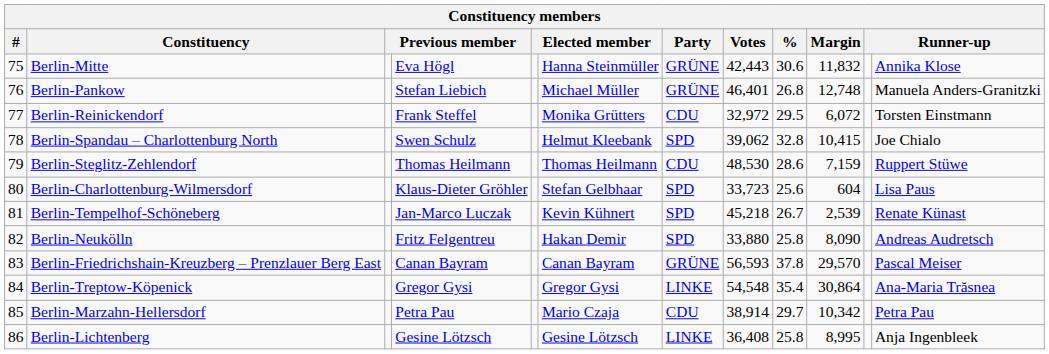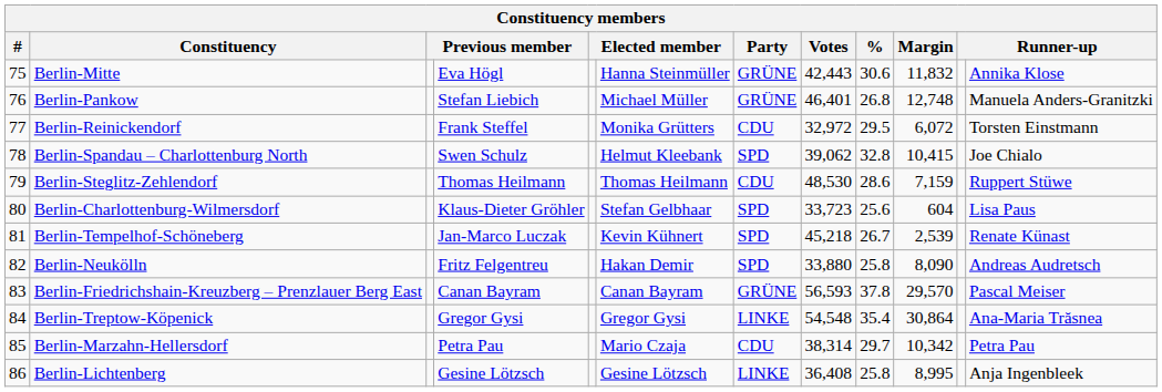 <table class="wikitable sortable" style="text-align:right">
 <tr>
 <th colspan="12">Constituency members</th>
 </tr>
 <tr>
 <th>#</th>
 <th>Constituency</th>
 <th colspan="2">Previous member</th>
 <th colspan="2">Elected member</th>
 <th>Party</th>
 <th>Votes</th>
 <th>%</th>
 <th>Margin</th>
 <th colspan="2">Runner-up</th>
 </tr>
 <tr>
 <td>75</td>
 <td align="left"><a href='#'>Berlin-Mitte</a></td>
 <td></td>
 <td align="left"><a href='#'>Eva Högl</a></td>
 <td></td>
 <td align="left"><a href='#'>Hanna Steinmüller</a></td>
 <td align="left"><a href='#'>GRÜNE</a></td>
 <td>42,443</td>
 <td>30.6</td>
 <td>11,832</td>
 <td></td>
 <td align="left"><a href='#'>Annika Klose</a></td>
 </tr>
 <tr>
 <td>76</td>
 <td align="left"><a href='#'>Berlin-Pankow</a></td>
 <td></td>
 <td align="left"><a href='#'>Stefan Liebich</a></td>
 <td></td>
 <td align="left"><a href='#'>Michael Müller</a></td>
 <td align="left"><a href='#'>GRÜNE</a></td>
 <td>46,401</td>
 <td>26.8</td>
 <td>12,748</td>
 <td></td>
 <td align="left">Manuela Anders-Granitzki</td>
 </tr>
 <tr>
 <td>77</td>
 <td align="left"><a href='#'>Berlin-Reinickendorf</a></td>
 <td></td>
 <td align="left"><a href='#'>Frank Steffel</a></td>
 <td></td>
 <td align="left"><a href='#'>Monika Grütters</a></td>
 <td align="left"><a href='#'>CDU</a></td>
 <td>32,972</td>
 <td>29.5</td>
 <td>6,072</td>
 <td></td>
 <td align="left">Torsten Einstmann</td>
 </tr>
 <tr>
 <td>78</td>
 <td align="left"><a href='#'>Berlin-Spandau – Charlottenburg North</a></td>
 <td></td>
 <td align="left"><a href='#'>Swen Schulz</a></td>
 <td></td>
 <td align="left"><a href='#'>Helmut Kleebank</a></td>
 <td align="left"><a href='#'>SPD</a></td>
 <td>39,062</td>
 <td>32.8</td>
 <td>10,415</td>
 <td></td>
 <td align="left">Joe Chialo</td>
 </tr>
 <tr>
 <td>79</td>
 <td align="left"><a href='#'>Berlin-Steglitz-Zehlendorf</a></td>
 <td></td>
 <td align="left"><a href='#'>Thomas Heilmann</a></td>
 <td></td>
 <td align="left"><a href='#'>Thomas Heilmann</a></td>
 <td align="left"><a href='#'>CDU</a></td>
 <td>48,530</td>
 <td>28.6</td>
 <td>7,159</td>
 <td></td>
 <td align="left"><a href='#'>Ruppert Stüwe</a></td>
 </tr>
 <tr>
 <td>80</td>
 <td align="left"><a href='#'>Berlin-Charlottenburg-Wilmersdorf</a></td>
 <td></td>
 <td align="left"><a href='#'>Klaus-Dieter Gröhler</a></td>
 <td></td>
 <td align="left"><a href='#'>Stefan Gelbhaar</a></td>
 <td align="left"><a href='#'>SPD</a></td>
 <td>33,723</td>
 <td>25.6</td>
 <td>604</td>
 <td></td>
 <td align="left"><a href='#'>Lisa Paus</a></td>
 </tr>
 <tr>
 <td>81</td>
 <td align="left"><a href='#'>Berlin-Tempelhof-Schöneberg</a></td>
 <td></td>
 <td align="left"><a href='#'>Jan-Marco Luczak</a></td>
 <td></td>
 <td align="left"><a href='#'>Kevin Kühnert</a></td>
 <td align="left"><a href='#'>SPD</a></td>
 <td>45,218</td>
 <td>26.7</td>
 <td>2,539</td>
 <td></td>
 <td align="left"><a href='#'>Renate Künast</a></td>
 </tr>
 <tr>
 <td>82</td>
 <td align="left"><a href='#'>Berlin-Neukölln</a></td>
 <td></td>
 <td align="left"><a href='#'>Fritz Felgentreu</a></td>
 <td></td>
 <td align="left"><a href='#'>Hakan Demir</a></td>
 <td align="left"><a href='#'>SPD</a></td>
 <td>33,880</td>
 <td>25.8</td>
 <td>8,090</td>
 <td></td>
 <td align="left"><a href='#'>Andreas Audretsch</a></td>
 </tr>
 <tr>
 <td>83</td>
 <td align="left"><a href='#'>Berlin-Friedrichshain-Kreuzberg – Prenzlauer Berg East</a></td>
 <td></td>
 <td align="left"><a href='#'>Canan Bayram</a></td>
 <td></td>
 <td align="left"><a href='#'>Canan Bayram</a></td>
 <td align="left"><a href='#'>GRÜNE</a></td>
 <td>56,593</td>
 <td>37.8</td>
 <td>29,570</td>
 <td></td>
 <td align="left"><a href='#'>Pascal Meiser</a></td>
 </tr>
 <tr>
 <td>84</td>
 <td align="left"><a href='#'>Berlin-Treptow-Köpenick</a></td>
 <td></td>
 <td align="left"><a href='#'>Gregor Gysi</a></td>
 <td></td>
 <td align="left"><a href='#'>Gregor Gysi</a></td>
 <td align="left"><a href='#'>LINKE</a></td>
 <td>54,548</td>
 <td>35.4</td>
 <td>30,864</td>
 <td></td>
 <td align="left"><a href='#'>Ana-Maria Trăsnea</a></td>
 </tr>
 <tr>
 <td>85</td>
 <td align="left"><a href='#'>Berlin-Marzahn-Hellersdorf</a></td>
 <td></td>
 <td align="left"><a href='#'>Petra Pau</a></td>
 <td></td>
 <td align="left"><a href='#'>Mario Czaja</a></td>
 <td align="left"><a href='#'>CDU</a></td>
-<td>38,914</td>
+<td>38,314</td>
 <td>29.7</td>
 <td>10,342</td>
 <td></td>
 <td align="left"><a href='#'>Petra Pau</a></td>
 </tr>
 <tr>
 <td>86</td>
 <td align="left"><a href='#'>Berlin-Lichtenberg</a></td>
 <td></td>
 <td align="left"><a href='#'>Gesine Lötzsch</a></td>
 <td></td>
 <td align="left"><a href='#'>Gesine Lötzsch</a></td>
 <td align="left"><a href='#'>LINKE</a></td>
 <td>36,408</td>
 <td>25.8</td>
 <td>8,995</td>
 <td></td>
 <td align="left">Anja Ingenbleek</td>
 </tr>
 </table>
